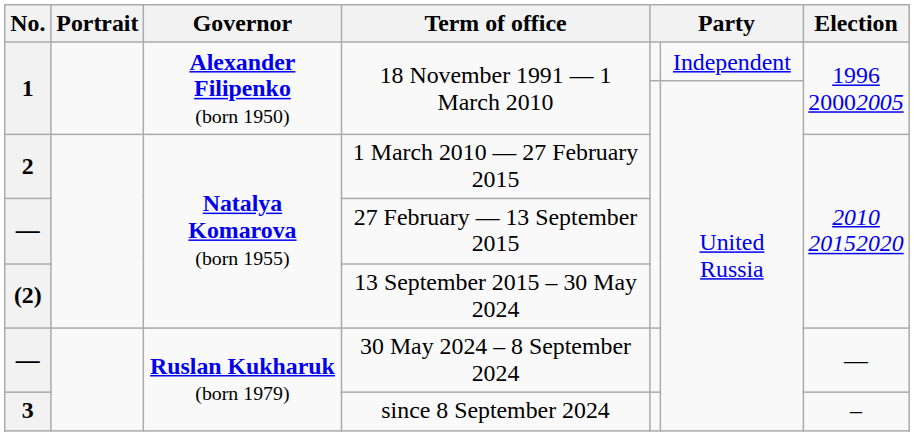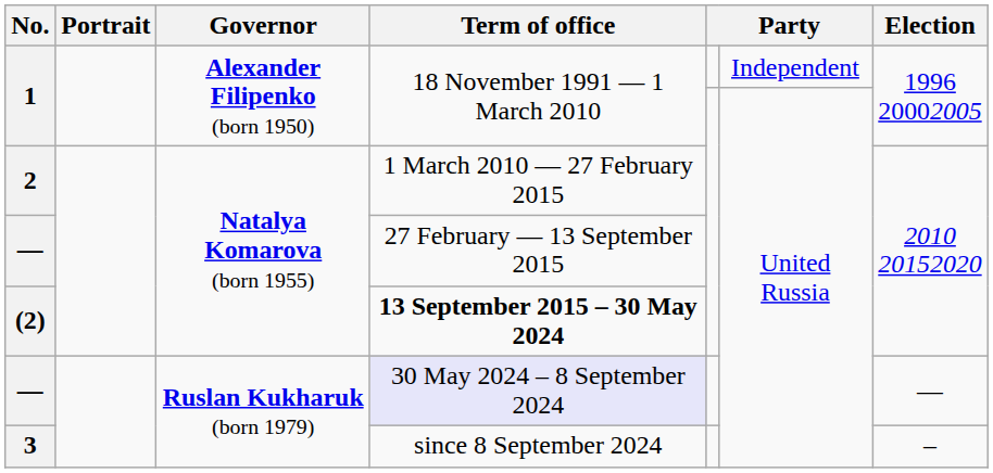 <table class="wikitable" style="text-align: center;">
 <tr>
 <th>No.</th>
 <th>Portrait</th>
 <th>Governor</th>
 <th>Term of office</th>
 <th colspan="2">Party</th>
 <th>Election</th>
 </tr>
 <tr>
 <th rowspan=2>1</th>
 <td rowspan=2></td>
 <td rowspan=2><strong><a href='#'>Alexander Filipenko</a></strong><br><small>(born 1950)</small></td>
 <td rowspan=2>18 November 1991 — 1 March 2010</td>
 <td style="background:"></td>
 <td><a href='#'>Independent</a></td>
 <td rowspan=2><a href='#'>1996</a><br><a href='#'>2000</a><em><a href='#'>2005</a></em></td>
 </tr>
 <tr>
 <td rowspan=4; style="background: "></td>
 <td rowspan="6"><a href='#'>United Russia</a></td>
 </tr>
 <tr>
 <th>2</th>
 <td rowspan=3></td>
 <td rowspan=3><strong><a href='#'>Natalya Komarova</a></strong><br><small>(born 1955)</small></td>
 <td>1 March 2010 — 27 February 2015</td>
 <td rowspan=3><em><a href='#'>2010</a></em><br><em><a href='#'>2015</a></em><em><a href='#'>2020</a></em></td>
 </tr>
 <tr>
 <th>—</th>
 <td>27 February — 13 September 2015</td>
 </tr>
 <tr>
 <th>(2)</th>
-<td>13 September 2015 – 30 May 2024</td>
+<td><strong>13 September 2015 – 30 May 2024</strong></td>
 </tr>
 <tr>
 <th>—</th>
 <td rowspan="2"></td>
 <td rowspan="2"><strong><a href='#'>Ruslan Kukharuk</a></strong><br><small>(born 1979)</small></td>
-<td>30 May 2024 – 8 September 2024</td>
+<td style="background: lavender;">30 May 2024 – 8 September 2024</td>
 <td style="background: "></td>
 <td>—</td>
 </tr>
 <tr>
 <th>3</th>
 <td>since 8 September 2024</td>
 <td></td>
 <td>–</td>
 </tr>
 </table>
